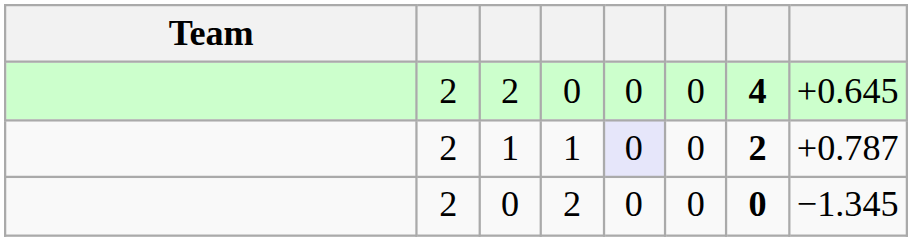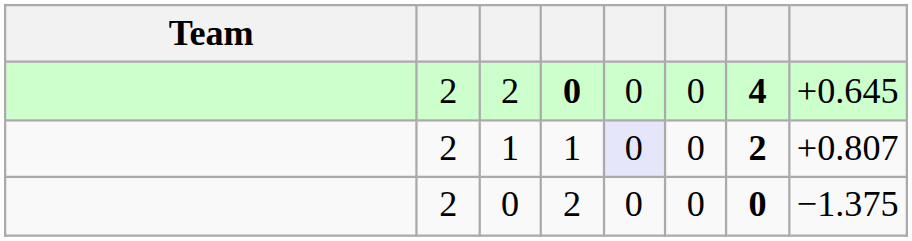 <table class="wikitable" style="text-align:center;">
 <tr>
 <th width=175>Team</th>
 <th style="width:20px;"></th>
 <th style="width:20px;"></th>
 <th style="width:20px;"></th>
 <th style="width:20px;"></th>
 <th style="width:20px;"></th>
 <th style="width:20px;"></th>
 <th style="width:20px;"></th>
 </tr>
 <tr style="solid green; background:#cfc;">
 <td style="text-align:left;"></td>
 <td>2</td>
 <td>2</td>
-<td>0</td>
+<td><strong>0</strong></td>
 <td>0</td>
 <td>0</td>
 <td><strong>4</strong></td>
 <td>+0.645</td>
 </tr>
 <tr>
 <td style="text-align:left;"></td>
 <td>2</td>
 <td>1</td>
 <td>1</td>
 <td style="background: lavender;">0</td>
 <td>0</td>
 <td><strong>2</strong></td>
-<td>+0.787</td>
+<td>+0.807</td>
 </tr>
 <tr>
 <td style="text-align:left;"></td>
 <td>2</td>
 <td>0</td>
 <td>2</td>
 <td>0</td>
 <td>0</td>
 <td><strong>0</strong></td>
-<td>−1.345</td>
+<td>−1.375</td>
 </tr>
 </table>
